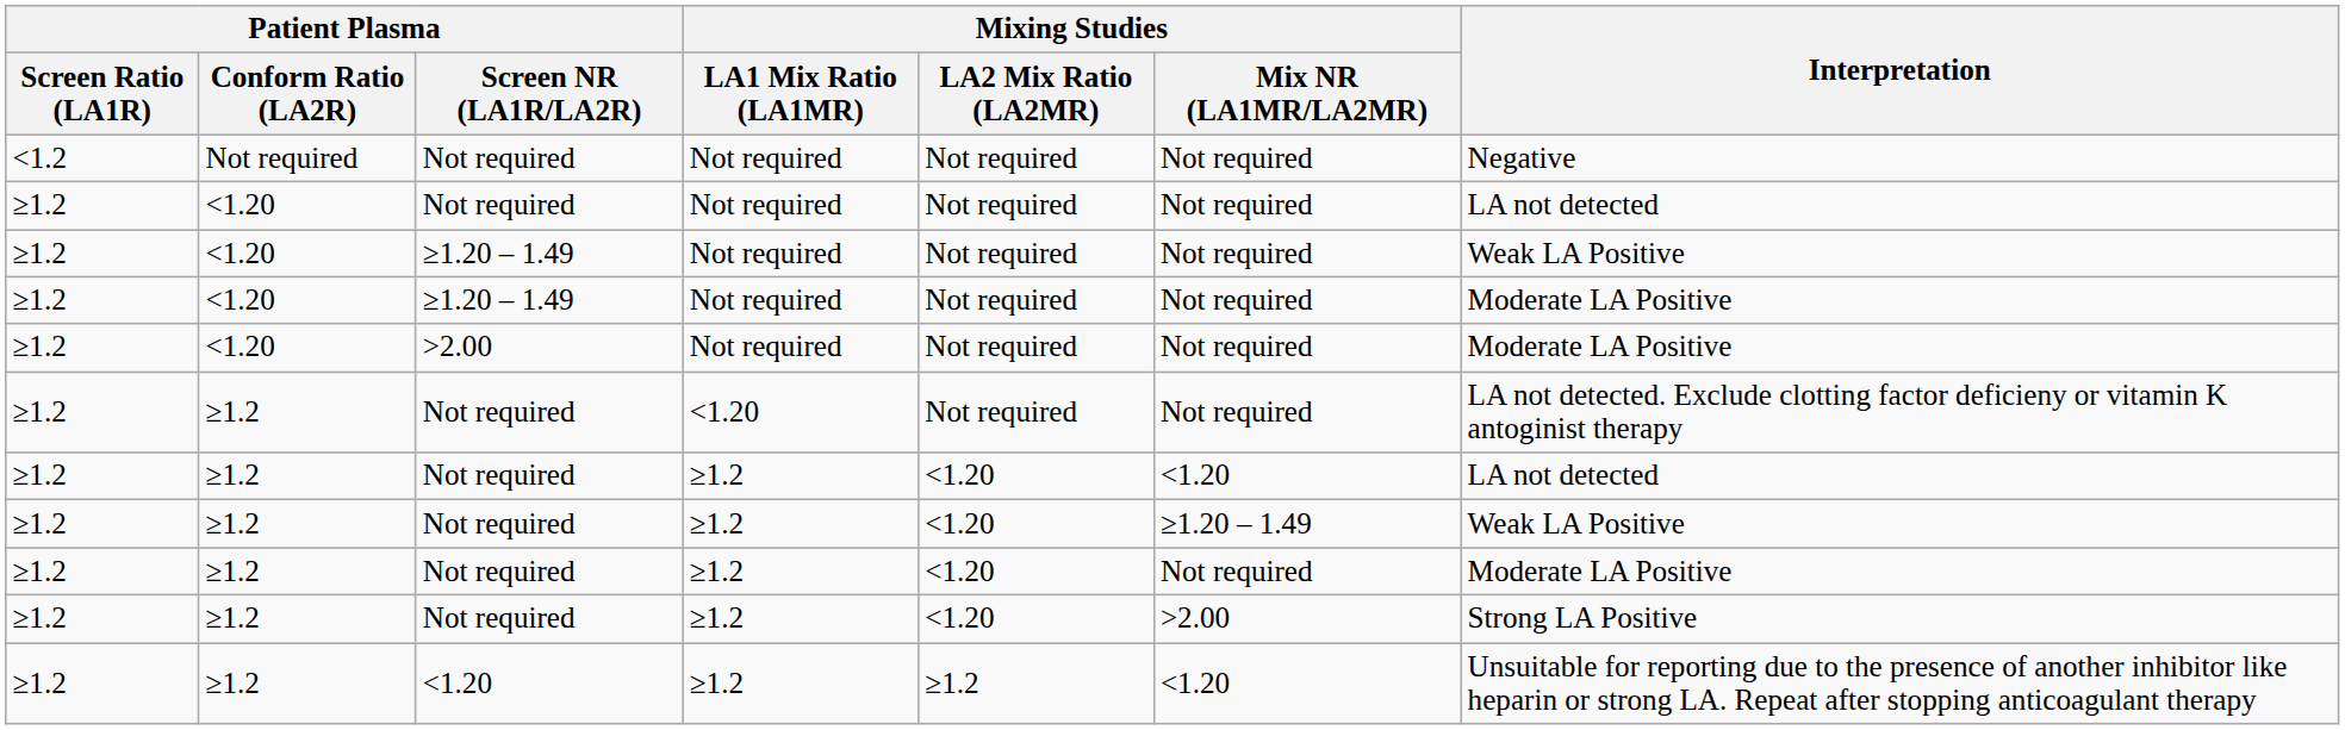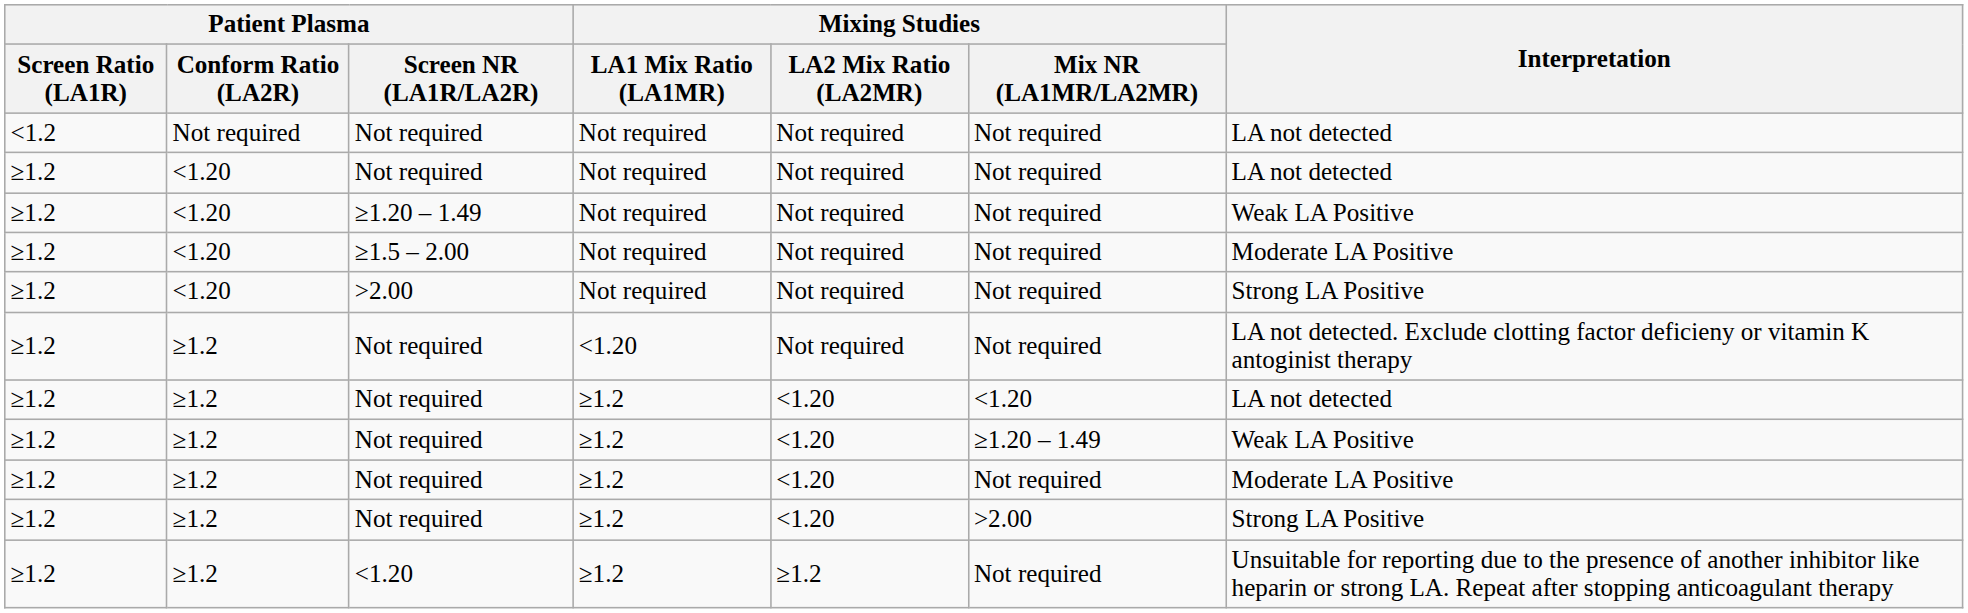 <table class="wikitable">
 <tr>
 <th colspan="3">Patient Plasma</th>
 <th colspan="3">Mixing Studies</th>
 <th rowspan="2"><strong>Interpretation</strong></th>
 </tr>
 <tr>
 <th>Screen Ratio (LA1R)</th>
 <th>Conform Ratio (LA2R)</th>
 <th>Screen NR (LA1R/LA2R)</th>
 <th>LA1 Mix Ratio (LA1MR)</th>
 <th>LA2 Mix Ratio (LA2MR)</th>
 <th>Mix NR (LA1MR/LA2MR)</th>
 </tr>
 <tr>
 <td><1.2</td>
 <td>Not required</td>
 <td>Not required</td>
 <td>Not required</td>
 <td>Not required</td>
 <td>Not required</td>
-<td>Negative</td>
+<td>LA not detected</td>
 </tr>
 <tr>
 <td>≥1.2</td>
 <td><1.20</td>
 <td>Not required</td>
 <td>Not required</td>
 <td>Not required</td>
 <td>Not required</td>
 <td>LA not detected</td>
 </tr>
 <tr>
 <td>≥1.2</td>
 <td><1.20</td>
 <td>≥1.20 – 1.49</td>
 <td>Not required</td>
 <td>Not required</td>
 <td>Not required</td>
 <td>Weak LA Positive</td>
 </tr>
 <tr>
 <td>≥1.2</td>
 <td><1.20</td>
-<td>≥1.20 – 1.49</td>
+<td>≥1.5 – 2.00</td>
 <td>Not required</td>
 <td>Not required</td>
 <td>Not required</td>
 <td>Moderate LA Positive</td>
 </tr>
 <tr>
 <td>≥1.2</td>
 <td><1.20</td>
 <td>>2.00</td>
 <td>Not required</td>
 <td>Not required</td>
 <td>Not required</td>
-<td>Moderate LA Positive</td>
+<td>Strong LA Positive</td>
 </tr>
 <tr>
 <td>≥1.2</td>
 <td>≥1.2</td>
 <td>Not required</td>
 <td><1.20</td>
 <td>Not required</td>
 <td>Not required</td>
 <td>LA not detected. Exclude clotting factor deficieny or vitamin K antoginist therapy</td>
 </tr>
 <tr>
 <td>≥1.2</td>
 <td>≥1.2</td>
 <td>Not required</td>
 <td>≥1.2</td>
 <td><1.20</td>
 <td><1.20</td>
 <td>LA not detected</td>
 </tr>
 <tr>
 <td>≥1.2</td>
 <td>≥1.2</td>
 <td>Not required</td>
 <td>≥1.2</td>
 <td><1.20</td>
 <td>≥1.20 – 1.49</td>
 <td>Weak LA Positive</td>
 </tr>
 <tr>
 <td>≥1.2</td>
 <td>≥1.2</td>
 <td>Not required</td>
 <td>≥1.2</td>
 <td><1.20</td>
 <td>Not required</td>
 <td>Moderate LA Positive</td>
 </tr>
 <tr>
 <td>≥1.2</td>
 <td>≥1.2</td>
 <td>Not required</td>
 <td>≥1.2</td>
 <td><1.20</td>
 <td>>2.00</td>
 <td>Strong LA Positive</td>
 </tr>
 <tr>
 <td>≥1.2</td>
 <td>≥1.2</td>
 <td><1.20</td>
 <td>≥1.2</td>
 <td>≥1.2</td>
-<td><1.20</td>
+<td>Not required</td>
 <td>Unsuitable for reporting due to the presence of another inhibitor like heparin or strong LA. Repeat after stopping anticoagulant therapy</td>
 </tr>
 </table>
